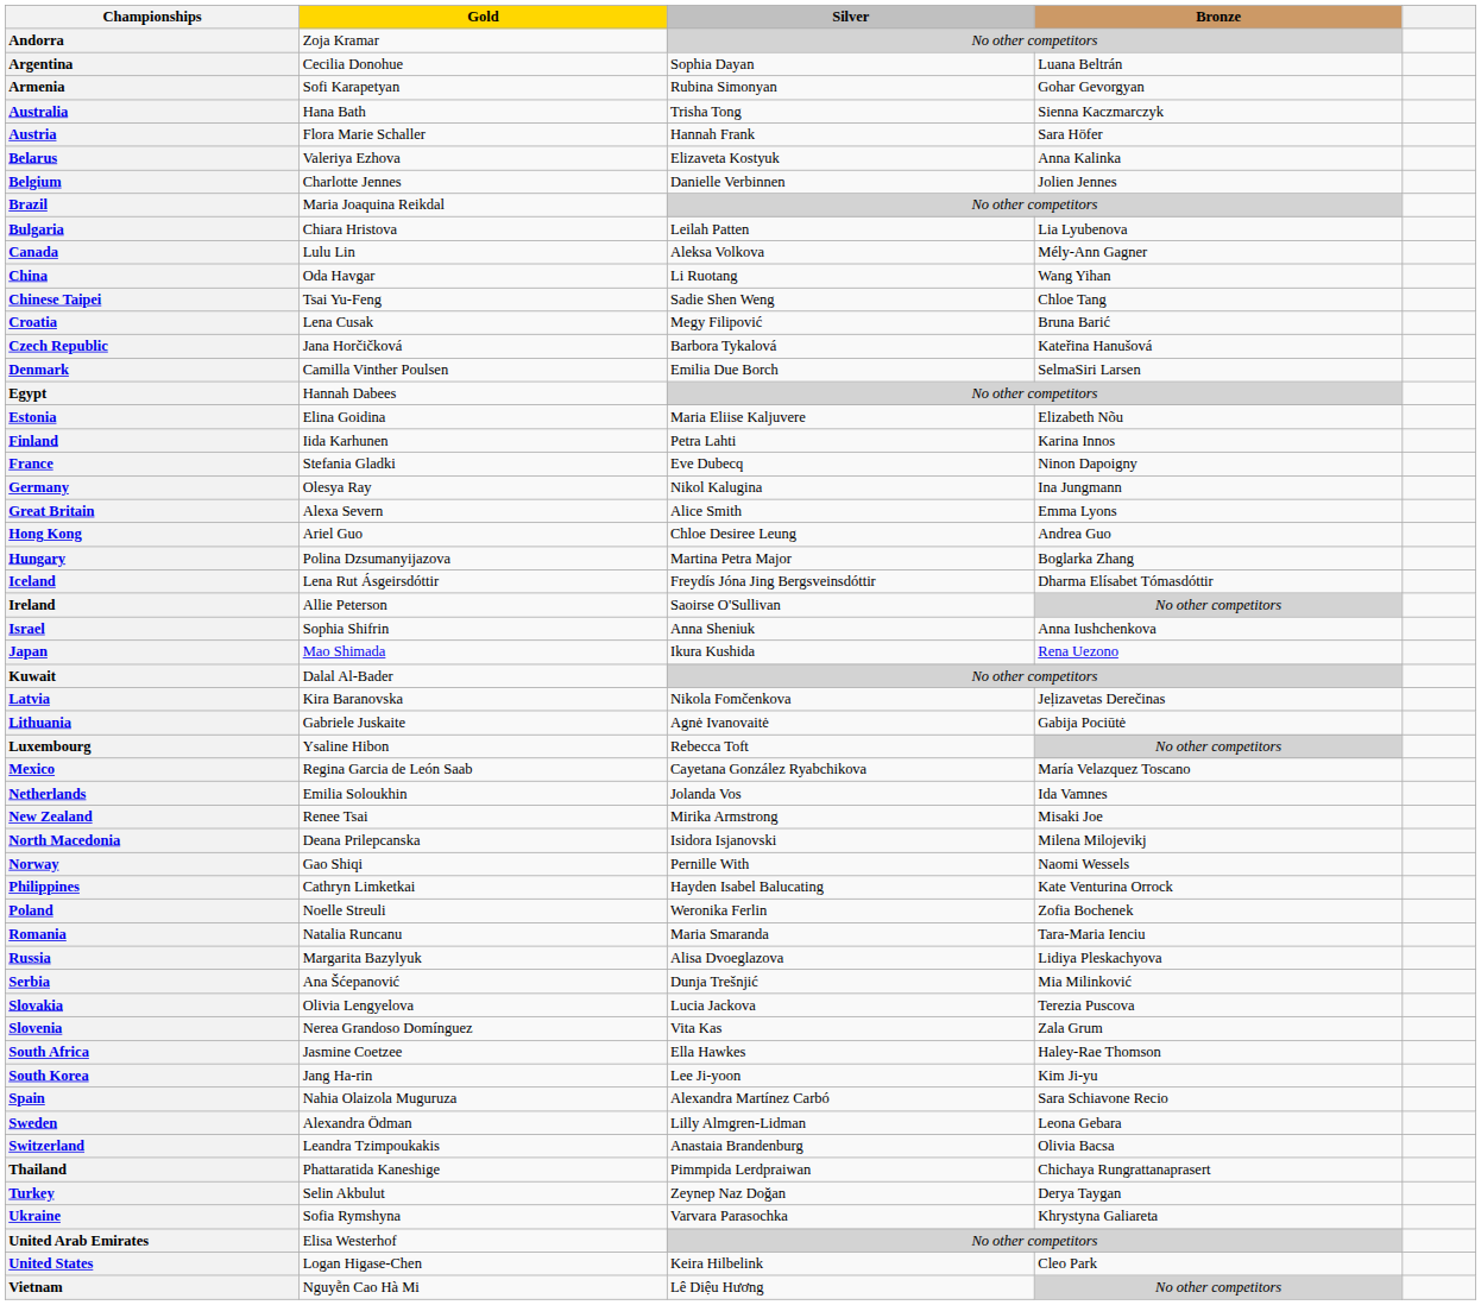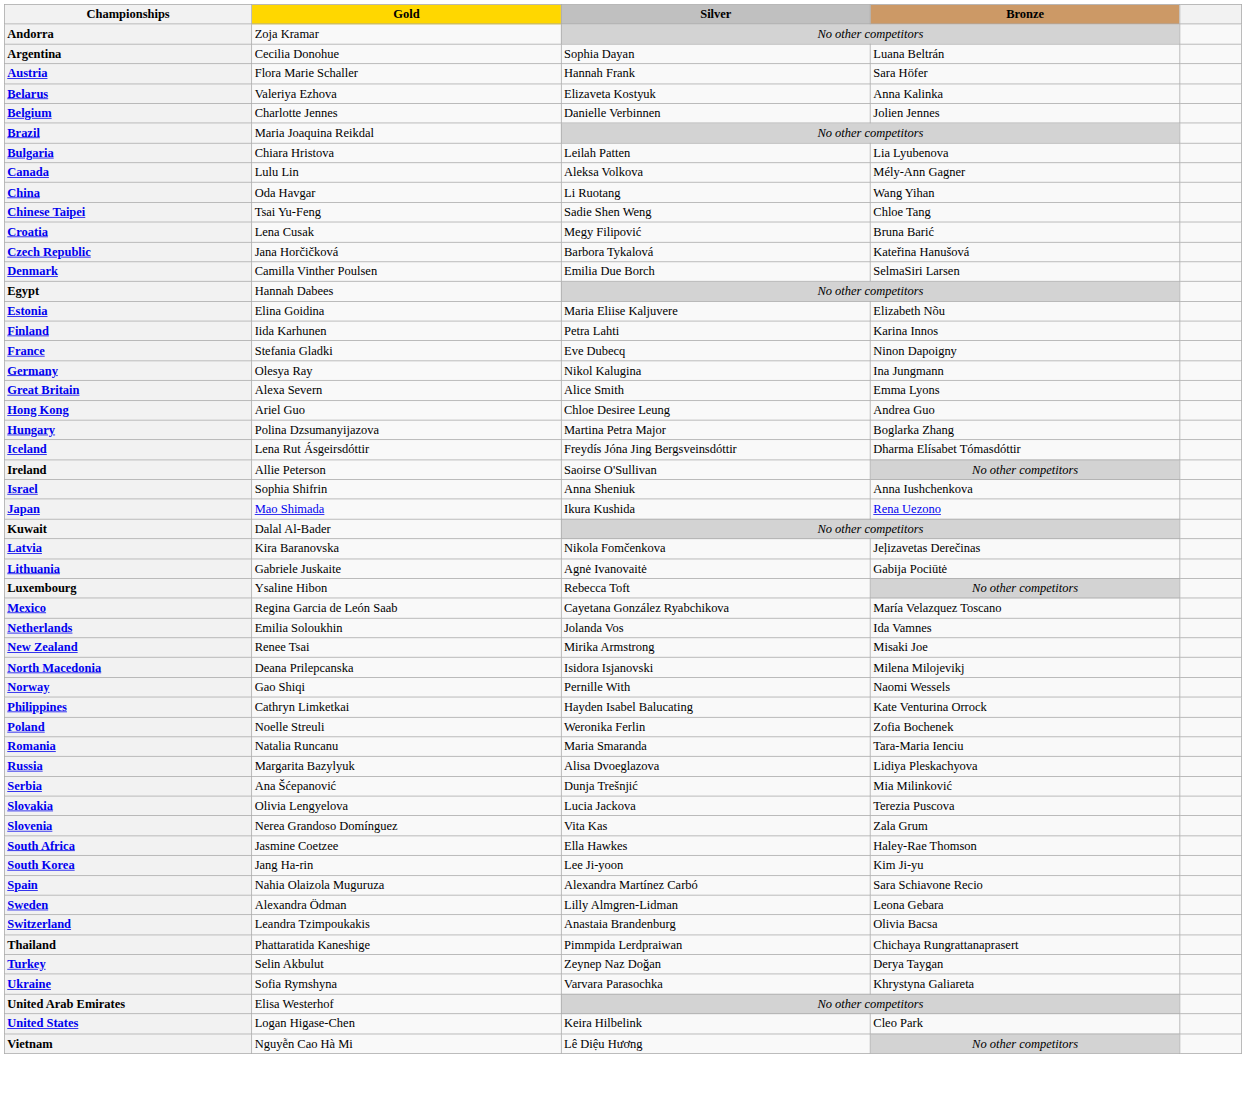 <table class="wikitable unsortable" style="text-align:left; width:80%;">
 <tr>
 <th scope="col" style="text-align:center; width:20%;">Championships</th>
 <td scope="col" style="text-align:center; width:25%; background:gold"><strong>Gold</strong></td>
 <td scope="col" style="text-align:center; width:25%; background:silver"><strong>Silver</strong></td>
 <td scope="col" style="text-align:center; width:25%; background:#c96"><strong>Bronze</strong></td>
 <th scope="col" style="text-align:center; width:5%;"></th>
 </tr>
 <tr>
 <th scope="row" style="text-align:left"> Andorra</th>
 <td>Zoja Kramar</td>
 <td colspan=2 align="center" bgcolor="lightgray"><em>No other competitors</em></td>
 <td></td>
 </tr>
 <tr>
 <th scope="row" style="text-align:left"> Argentina</th>
 <td>Cecilia Donohue</td>
 <td>Sophia Dayan</td>
 <td>Luana Beltrán</td>
-<td></td>
-</tr>
-<tr>
-<th scope="row" style="text-align:left"> Armenia</th>
-<td>Sofi Karapetyan</td>
-<td>Rubina Simonyan</td>
-<td>Gohar Gevorgyan</td>
-<td></td>
-</tr>
-<tr>
-<th scope="row" style="text-align:left"> <a href='#'>Australia</a></th>
-<td>Hana Bath</td>
-<td>Trisha Tong</td>
-<td>Sienna Kaczmarczyk</td>
 <td></td>
 </tr>
 <tr>
 <th scope="row" style="text-align:left"> <a href='#'>Austria</a></th>
 <td>Flora Marie Schaller</td>
 <td>Hannah Frank</td>
 <td>Sara Höfer</td>
 <td></td>
 </tr>
 <tr>
 <th scope="row" style="text-align:left"> <a href='#'>Belarus</a></th>
 <td>Valeriya Ezhova</td>
 <td>Elizaveta Kostyuk</td>
 <td>Anna Kalinka</td>
 <td></td>
 </tr>
 <tr>
 <th scope="row" style="text-align:left"> <a href='#'>Belgium</a></th>
 <td>Charlotte Jennes</td>
 <td>Danielle Verbinnen</td>
 <td>Jolien Jennes</td>
 <td></td>
 </tr>
 <tr>
 <th scope="row" style="text-align:left"> <a href='#'>Brazil</a></th>
 <td>Maria Joaquina Reikdal</td>
 <td colspan=2 align="center" bgcolor="lightgray"><em>No other competitors</em></td>
 <td></td>
 </tr>
 <tr>
 <th scope="row" style="text-align:left"> <a href='#'>Bulgaria</a></th>
 <td>Chiara Hristova</td>
 <td>Leilah Patten</td>
 <td>Lia Lyubenova</td>
 <td></td>
 </tr>
 <tr>
 <th scope="row" style="text-align:left"> <a href='#'>Canada</a></th>
 <td>Lulu Lin</td>
 <td>Aleksa Volkova</td>
 <td>Mély-Ann Gagner</td>
 <td></td>
 </tr>
 <tr>
 <th scope="row" style="text-align:left"> <a href='#'>China</a></th>
 <td>Oda Havgar</td>
 <td>Li Ruotang</td>
 <td>Wang Yihan</td>
 <td></td>
 </tr>
 <tr>
 <th scope="row" style="text-align:left"> <a href='#'>Chinese Taipei</a></th>
 <td>Tsai Yu-Feng</td>
 <td>Sadie Shen Weng</td>
 <td>Chloe Tang</td>
 <td></td>
 </tr>
 <tr>
 <th scope="row" style="text-align:left"> <a href='#'>Croatia</a></th>
 <td>Lena Cusak</td>
 <td>Megy Filipović</td>
 <td>Bruna Barić</td>
 <td></td>
 </tr>
 <tr>
 <th scope="row" style="text-align:left"> <a href='#'>Czech Republic</a></th>
 <td>Jana Horčičková</td>
 <td>Barbora Tykalová</td>
 <td>Kateřina Hanušová</td>
 <td></td>
 </tr>
 <tr>
 <th scope="row" style="text-align:left"> <a href='#'>Denmark</a></th>
 <td>Camilla Vinther Poulsen</td>
 <td>Emilia Due Borch</td>
 <td>SelmaSiri Larsen</td>
 <td></td>
 </tr>
 <tr>
 <th scope="row" style="text-align:left"> Egypt</th>
 <td>Hannah Dabees</td>
 <td colspan=2 align="center" bgcolor="lightgray"><em>No other competitors</em></td>
 <td></td>
 </tr>
 <tr>
 <th scope="row" style="text-align:left"> <a href='#'>Estonia</a></th>
 <td>Elina Goidina</td>
 <td>Maria Eliise Kaljuvere</td>
 <td>Elizabeth Nõu</td>
 <td></td>
 </tr>
 <tr>
 <th scope="row" style="text-align:left"> <a href='#'>Finland</a></th>
 <td>Iida Karhunen</td>
 <td>Petra Lahti</td>
 <td>Karina Innos</td>
 <td></td>
 </tr>
 <tr>
 <th scope="row" style="text-align:left"> <a href='#'>France</a></th>
 <td>Stefania Gladki</td>
 <td>Eve Dubecq</td>
 <td>Ninon Dapoigny</td>
 <td></td>
 </tr>
 <tr>
 <th scope="row" style="text-align:left"> <a href='#'>Germany</a></th>
 <td>Olesya Ray</td>
 <td>Nikol Kalugina</td>
 <td>Ina Jungmann</td>
 <td></td>
 </tr>
 <tr>
 <th scope="row" style="text-align:left"> <a href='#'>Great Britain</a></th>
 <td>Alexa Severn</td>
 <td>Alice Smith</td>
 <td>Emma Lyons</td>
 <td></td>
 </tr>
 <tr>
 <th scope="row" style="text-align:left"> <a href='#'>Hong Kong</a></th>
 <td>Ariel Guo</td>
 <td>Chloe Desiree Leung</td>
 <td>Andrea Guo</td>
 <td></td>
 </tr>
 <tr>
 <th scope="row" style="text-align:left"> <a href='#'>Hungary</a></th>
 <td>Polina Dzsumanyijazova</td>
 <td>Martina Petra Major</td>
 <td>Boglarka Zhang</td>
 <td></td>
 </tr>
 <tr>
 <th scope="row" style="text-align:left"> <a href='#'>Iceland</a></th>
 <td>Lena Rut Ásgeirsdóttir</td>
 <td>Freydís Jóna Jing Bergsveinsdóttir</td>
 <td>Dharma Elísabet Tómasdóttir</td>
 <td></td>
 </tr>
 <tr>
 <th scope="row" style="text-align:left"> Ireland</th>
 <td>Allie Peterson</td>
 <td>Saoirse O'Sullivan</td>
 <td align="center" bgcolor="lightgray"><em>No other competitors</em></td>
 <td></td>
 </tr>
 <tr>
 <th scope="row" style="text-align:left"> <a href='#'>Israel</a></th>
 <td>Sophia Shifrin</td>
 <td>Anna Sheniuk</td>
 <td>Anna Iushchenkova</td>
 <td></td>
 </tr>
 <tr>
 <th scope="row" style="text-align:left"> <a href='#'>Japan</a></th>
 <td><a href='#'>Mao Shimada</a></td>
 <td>Ikura Kushida</td>
 <td><a href='#'>Rena Uezono</a></td>
 <td></td>
 </tr>
 <tr>
 <th scope="row" style="text-align:left"> Kuwait</th>
 <td>Dalal Al-Bader</td>
 <td colspan=2 align="center" bgcolor="lightgray"><em>No other competitors</em></td>
 <td></td>
 </tr>
 <tr>
 <th scope="row" style="text-align:left"> <a href='#'>Latvia</a></th>
 <td>Kira Baranovska</td>
 <td>Nikola Fomčenkova</td>
 <td>Jeļizavetas Derečinas</td>
 <td></td>
 </tr>
 <tr>
 <th scope="row" style="text-align:left"> <a href='#'>Lithuania</a></th>
 <td>Gabriele Juskaite</td>
 <td>Agnė Ivanovaitė</td>
 <td>Gabija Pociūtė</td>
 <td></td>
 </tr>
 <tr>
 <th scope="row" style="text-align:left"> Luxembourg</th>
 <td>Ysaline Hibon</td>
 <td>Rebecca Toft</td>
 <td align="center" bgcolor="lightgray"><em>No other competitors</em></td>
 <td></td>
 </tr>
 <tr>
 <th scope="row" style="text-align:left"> <a href='#'>Mexico</a></th>
 <td>Regina Garcia de León Saab</td>
 <td>Cayetana González Ryabchikova</td>
 <td>María Velazquez Toscano</td>
 <td></td>
 </tr>
 <tr>
 <th scope="row" style="text-align:left"> <a href='#'>Netherlands</a></th>
 <td>Emilia Soloukhin</td>
 <td>Jolanda Vos</td>
 <td>Ida Vamnes</td>
 <td></td>
 </tr>
 <tr>
 <th scope="row" style="text-align:left"> <a href='#'>New Zealand</a></th>
 <td>Renee Tsai</td>
 <td>Mirika Armstrong</td>
 <td>Misaki Joe</td>
 <td></td>
 </tr>
 <tr>
 <th scope="row" style="text-align:left"> <a href='#'>North Macedonia</a></th>
 <td>Deana Prilepcanska</td>
 <td>Isidora Isjanovski</td>
 <td>Milena Milojevikj</td>
 <td></td>
 </tr>
 <tr>
 <th scope="row" style="text-align:left"> <a href='#'>Norway</a></th>
 <td>Gao Shiqi</td>
 <td>Pernille With</td>
 <td>Naomi Wessels</td>
 <td></td>
 </tr>
 <tr>
 <th scope="row" style="text-align:left"> <a href='#'>Philippines</a></th>
 <td>Cathryn Limketkai</td>
 <td>Hayden Isabel Balucating</td>
 <td>Kate Venturina Orrock</td>
 <td></td>
 </tr>
 <tr>
 <th scope="row" style="text-align:left"> <a href='#'>Poland</a></th>
 <td>Noelle Streuli</td>
 <td>Weronika Ferlin</td>
 <td>Zofia Bochenek</td>
 <td></td>
 </tr>
 <tr>
 <th scope="row" style="text-align:left"> <a href='#'>Romania</a></th>
 <td>Natalia Runcanu</td>
 <td>Maria Smaranda</td>
 <td>Tara-Maria Ienciu</td>
 <td></td>
 </tr>
 <tr>
 <th scope="row" style="text-align:left"> <a href='#'>Russia</a></th>
 <td>Margarita Bazylyuk</td>
 <td>Alisa Dvoeglazova</td>
 <td>Lidiya Pleskachyova</td>
 <td></td>
 </tr>
 <tr>
 <th scope="row" style="text-align:left"> <a href='#'>Serbia</a></th>
 <td>Ana Šćepanović</td>
 <td>Dunja Trešnjić</td>
 <td>Mia Milinković</td>
 <td></td>
 </tr>
 <tr>
 <th scope="row" style="text-align:left"> <a href='#'>Slovakia</a></th>
 <td>Olivia Lengyelova</td>
 <td>Lucia Jackova</td>
 <td>Terezia Puscova</td>
 <td></td>
 </tr>
 <tr>
 <th scope="row" style="text-align:left"> <a href='#'>Slovenia</a></th>
 <td>Nerea Grandoso Domínguez</td>
 <td>Vita Kas</td>
 <td>Zala Grum</td>
 <td></td>
 </tr>
 <tr>
 <th scope="row" style="text-align:left"> <a href='#'>South Africa</a></th>
 <td>Jasmine Coetzee</td>
 <td>Ella Hawkes</td>
 <td>Haley-Rae Thomson</td>
 <td></td>
 </tr>
 <tr>
 <th scope="row" style="text-align:left"> <a href='#'>South Korea</a></th>
 <td>Jang Ha-rin</td>
 <td>Lee Ji-yoon</td>
 <td>Kim Ji-yu</td>
 <td></td>
 </tr>
 <tr>
 <th scope="row" style="text-align:left"> <a href='#'>Spain</a></th>
 <td>Nahia Olaizola Muguruza</td>
 <td>Alexandra Martínez Carbó</td>
 <td>Sara Schiavone Recio</td>
 <td></td>
 </tr>
 <tr>
 <th scope="row" style="text-align:left"> <a href='#'>Sweden</a></th>
 <td>Alexandra Ödman</td>
 <td>Lilly Almgren-Lidman</td>
 <td>Leona Gebara</td>
 <td></td>
 </tr>
 <tr>
 <th scope="row" style="text-align:left"> <a href='#'>Switzerland</a></th>
 <td>Leandra Tzimpoukakis</td>
 <td>Anastaia Brandenburg</td>
 <td>Olivia Bacsa</td>
 <td></td>
 </tr>
 <tr>
 <th scope="row" style="text-align:left"> Thailand</th>
 <td>Phattaratida Kaneshige</td>
 <td>Pimmpida Lerdpraiwan</td>
 <td>Chichaya Rungrattanaprasert</td>
 <td></td>
 </tr>
 <tr>
 <th scope="row" style="text-align:left"> <a href='#'>Turkey</a></th>
 <td>Selin Akbulut</td>
 <td>Zeynep Naz Doğan</td>
 <td>Derya Taygan</td>
 <td></td>
 </tr>
 <tr>
 <th scope="row" style="text-align:left"> <a href='#'>Ukraine</a></th>
 <td>Sofia Rymshyna</td>
 <td>Varvara Parasochka</td>
 <td>Khrystyna Galiareta</td>
 <td></td>
 </tr>
 <tr>
 <th scope="row" style="text-align:left"> United Arab Emirates</th>
 <td>Elisa Westerhof</td>
 <td colspan=2 align="center" bgcolor="lightgray"><em>No other competitors</em></td>
 <td></td>
 </tr>
 <tr>
 <th scope="row" style="text-align:left"> <a href='#'>United States</a></th>
 <td>Logan Higase-Chen</td>
 <td>Keira Hilbelink</td>
 <td>Cleo Park</td>
 <td></td>
 </tr>
 <tr>
 <th scope="row" style="text-align:left"> Vietnam</th>
 <td>Nguyễn Cao Hà Mi</td>
 <td>Lê Diệu Hương</td>
 <td align="center" bgcolor="lightgray"><em>No other competitors</em></td>
 <td></td>
 </tr>
 </table>
